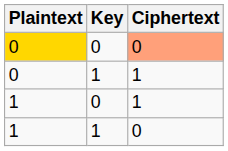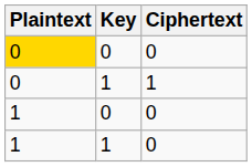 <table class="wikitable">
 <tr>
 <th>Plaintext</th>
 <th>Key</th>
 <th>Ciphertext</th>
 </tr>
 <tr>
 <td style="background: gold;">0</td>
 <td>0</td>
-<td style="background: lightsalmon;">0</td>
+<td>0</td>
 </tr>
 <tr>
 <td>0</td>
 <td>1</td>
 <td>1</td>
 </tr>
 <tr>
 <td>1</td>
 <td>0</td>
-<td>1</td>
+<td>0</td>
 </tr>
 <tr>
 <td>1</td>
 <td>1</td>
 <td>0</td>
 </tr>
 </table>
